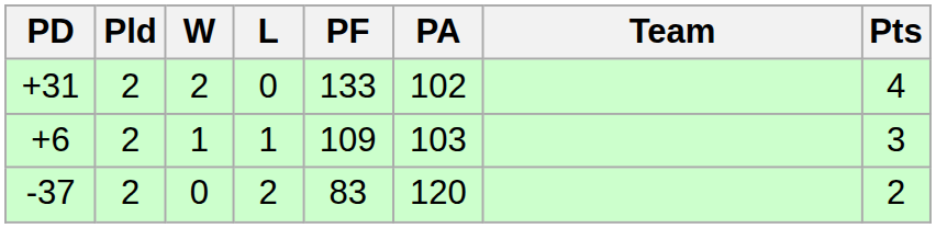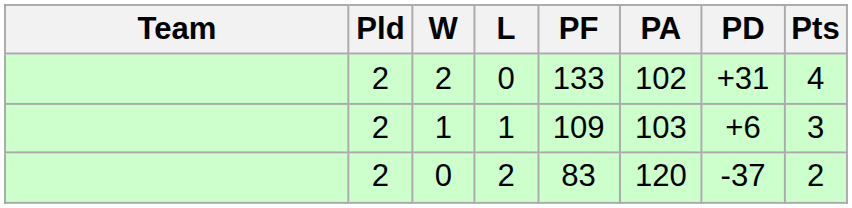 <table class="wikitable" style="text-align:center;">
 <tr>
-<th width=35>PD</th>
+<th width=170>Team</th>
 <th width=25>Pld</th>
 <th width=25>W</th>
 <th width=25>L</th>
 <th width=35>PF</th>
 <th width=35>PA</th>
-<th width=170>Team</th>
+<th width=35>PD</th>
 <th width=25>Pts</th>
 </tr>
 <tr style="background:#cfc;">
-<td>+31</td>
+<td align="left"></td>
 <td>2</td>
 <td>2</td>
 <td>0</td>
 <td>133</td>
 <td>102</td>
-<td align="left"></td>
+<td>+31</td>
 <td>4</td>
 </tr>
 <tr style="background:#cfc;">
-<td>+6</td>
+<td align="left"></td>
 <td>2</td>
 <td>1</td>
 <td>1</td>
 <td>109</td>
 <td>103</td>
-<td align="left"></td>
+<td>+6</td>
 <td>3</td>
 </tr>
 <tr style="background:#cfc;">
-<td>-37</td>
+<td align="left"></td>
 <td>2</td>
 <td>0</td>
 <td>2</td>
 <td>83</td>
 <td>120</td>
-<td align="left"></td>
+<td>-37</td>
 <td>2</td>
 </tr>
 </table>
